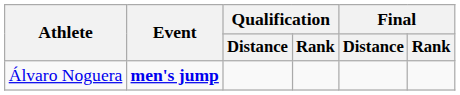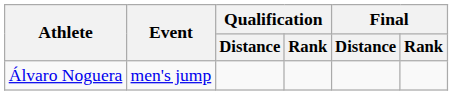 <table class=wikitable style=font-size:90%>
 <tr>
 <th rowspan=2>Athlete</th>
 <th rowspan=2>Event</th>
 <th colspan=2>Qualification</th>
 <th colspan=2>Final</th>
 </tr>
 <tr style=font-size:95%>
 <th>Distance</th>
 <th>Rank</th>
 <th>Distance</th>
 <th>Rank</th>
 </tr>
 <tr align=center>
 <td align=left><a href='#'>Álvaro Noguera</a></td>
-<td align=left><strong><a href='#'>men's jump</a></strong></td>
+<td align=left><a href='#'>men's jump</a></td>
 <td></td>
 <td></td>
 <td></td>
 <td></td>
 </tr>
 </table>
